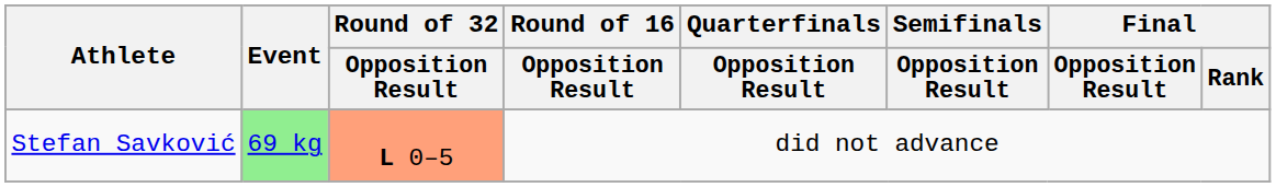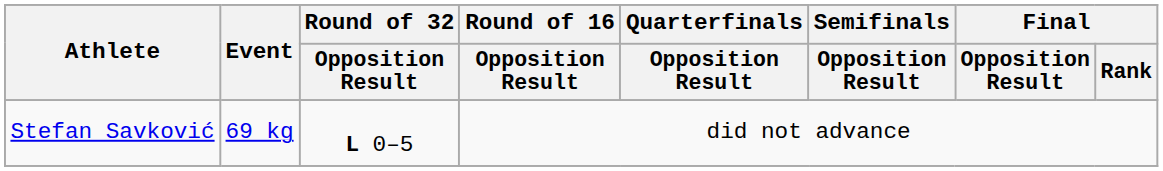 <table class="wikitable" style="text-align:center; font-size:90%">
 <tr>
 <th rowspan=2>Athlete</th>
 <th rowspan=2>Event</th>
 <th>Round of 32</th>
 <th>Round of 16</th>
 <th>Quarterfinals</th>
 <th>Semifinals</th>
 <th colspan=2>Final</th>
 </tr>
 <tr style="font-size:95%">
 <th>Opposition<br>Result</th>
 <th>Opposition<br>Result</th>
 <th>Opposition<br>Result</th>
 <th>Opposition<br>Result</th>
 <th>Opposition<br>Result</th>
 <th>Rank</th>
 </tr>
 <tr>
 <td align=left><a href='#'>Stefan Savković</a></td>
-<td align=left style="background: lightgreen;"><a href='#'>69 kg</a></td>
-<td style="background: lightsalmon;"><br> <strong>L</strong> 0–5</td>
+<td align=left><a href='#'>69 kg</a></td>
+<td><br> <strong>L</strong> 0–5</td>
 <td colspan=5>did not advance</td>
 </tr>
 </table>
